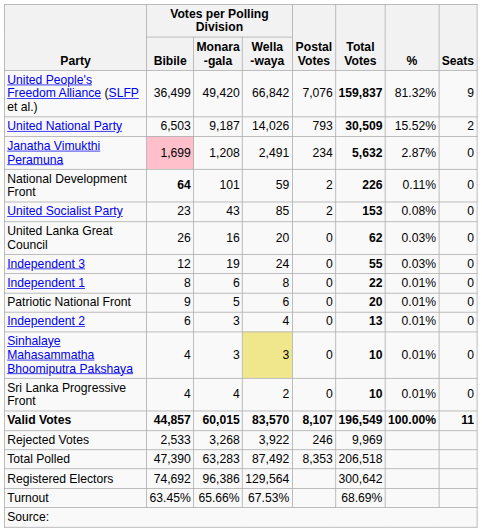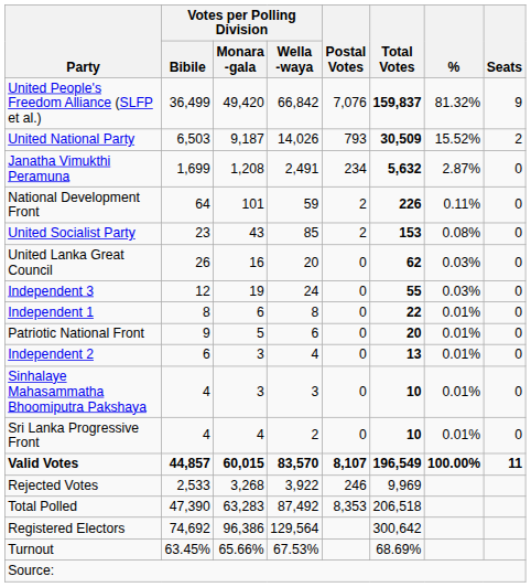 <table class="wikitable" border="1" style="text-align:right;">
 <tr>
 <th align=left valign=bottom rowspan=2 width="180">Party</th>
 <th colspan=3>Votes per Polling Division</th>
 <th align=center valign=bottom rowspan=2 width="50">Postal<br>Votes</th>
 <th align=center valign=bottom rowspan=2 width="50">Total Votes</th>
 <th align=center valign=bottom rowspan=2 width="50">%</th>
 <th align=center valign=bottom rowspan=2 width="40">Seats</th>
 </tr>
 <tr>
 <th align=center valign=bottom width="50">Bibile</th>
 <th align=center valign=bottom width="50">Monara<br>-gala</th>
 <th align=center valign=bottom width="50">Wella<br>-waya</th>
 </tr>
 <tr>
 <td align=left><a href='#'>United People's Freedom Alliance</a> (<a href='#'>SLFP</a> et al.)</td>
 <td>36,499</td>
 <td>49,420</td>
 <td>66,842</td>
 <td>7,076</td>
 <td><strong>159,837</strong></td>
 <td>81.32%</td>
 <td>9</td>
 </tr>
 <tr>
 <td align=left><a href='#'>United National Party</a></td>
 <td>6,503</td>
 <td>9,187</td>
 <td>14,026</td>
 <td>793</td>
 <td><strong>30,509</strong></td>
 <td>15.52%</td>
 <td>2</td>
 </tr>
 <tr>
 <td align=left><a href='#'>Janatha Vimukthi Peramuna</a></td>
-<td style="background: pink;">1,699</td>
+<td>1,699</td>
 <td>1,208</td>
 <td>2,491</td>
 <td>234</td>
 <td><strong>5,632</strong></td>
 <td>2.87%</td>
 <td>0</td>
 </tr>
 <tr>
 <td align=left>National Development Front</td>
-<td><strong>64</strong></td>
+<td>64</td>
 <td>101</td>
 <td>59</td>
 <td>2</td>
 <td><strong>226</strong></td>
 <td>0.11%</td>
 <td>0</td>
 </tr>
 <tr>
 <td align=left><a href='#'>United Socialist Party</a></td>
 <td>23</td>
 <td>43</td>
 <td>85</td>
 <td>2</td>
 <td><strong>153</strong></td>
 <td>0.08%</td>
 <td>0</td>
 </tr>
 <tr>
 <td align=left>United Lanka Great Council</td>
 <td>26</td>
 <td>16</td>
 <td>20</td>
 <td>0</td>
 <td><strong>62</strong></td>
 <td>0.03%</td>
 <td>0</td>
 </tr>
 <tr>
 <td align=left><a href='#'>Independent 3</a></td>
 <td>12</td>
 <td>19</td>
 <td>24</td>
 <td>0</td>
 <td><strong>55</strong></td>
 <td>0.03%</td>
 <td>0</td>
 </tr>
 <tr>
 <td align=left><a href='#'>Independent 1</a></td>
 <td>8</td>
 <td>6</td>
 <td>8</td>
 <td>0</td>
 <td><strong>22</strong></td>
 <td>0.01%</td>
 <td>0</td>
 </tr>
 <tr>
 <td align=left>Patriotic National Front</td>
 <td>9</td>
 <td>5</td>
 <td>6</td>
 <td>0</td>
 <td><strong>20</strong></td>
 <td>0.01%</td>
 <td>0</td>
 </tr>
 <tr>
 <td align=left><a href='#'>Independent 2</a></td>
 <td>6</td>
 <td>3</td>
 <td>4</td>
 <td>0</td>
 <td><strong>13</strong></td>
 <td>0.01%</td>
 <td>0</td>
 </tr>
 <tr>
 <td align=left><a href='#'>Sinhalaye Mahasammatha Bhoomiputra Pakshaya</a></td>
 <td>4</td>
 <td>3</td>
-<td style="background: khaki;">3</td>
+<td>3</td>
 <td>0</td>
 <td><strong>10</strong></td>
 <td>0.01%</td>
 <td>0</td>
 </tr>
 <tr>
 <td align=left>Sri Lanka Progressive Front</td>
 <td>4</td>
 <td>4</td>
 <td>2</td>
 <td>0</td>
 <td><strong>10</strong></td>
 <td>0.01%</td>
 <td>0</td>
 </tr>
 <tr>
 <td align=left><strong>Valid Votes</strong></td>
 <td><strong>44,857</strong></td>
 <td><strong>60,015</strong></td>
 <td><strong>83,570</strong></td>
 <td><strong>8,107</strong></td>
 <td><strong>196,549</strong></td>
 <td><strong>100.00%</strong></td>
 <td><strong>11</strong></td>
 </tr>
 <tr>
 <td align=left>Rejected Votes</td>
 <td>2,533</td>
 <td>3,268</td>
 <td>3,922</td>
 <td>246</td>
 <td>9,969</td>
 <td></td>
 <td></td>
 </tr>
 <tr>
 <td align=left>Total Polled</td>
 <td>47,390</td>
 <td>63,283</td>
 <td>87,492</td>
 <td>8,353</td>
 <td>206,518</td>
 <td></td>
 <td></td>
 </tr>
 <tr>
 <td align=left>Registered Electors</td>
 <td>74,692</td>
 <td>96,386</td>
 <td>129,564</td>
 <td></td>
 <td>300,642</td>
 <td></td>
 <td></td>
 </tr>
 <tr>
 <td align=left>Turnout</td>
 <td>63.45%</td>
 <td>65.66%</td>
 <td>67.53%</td>
 <td></td>
 <td>68.69%</td>
 <td></td>
 <td></td>
 </tr>
 <tr>
 <td align=left colspan=9>Source:</td>
 </tr>
 </table>
